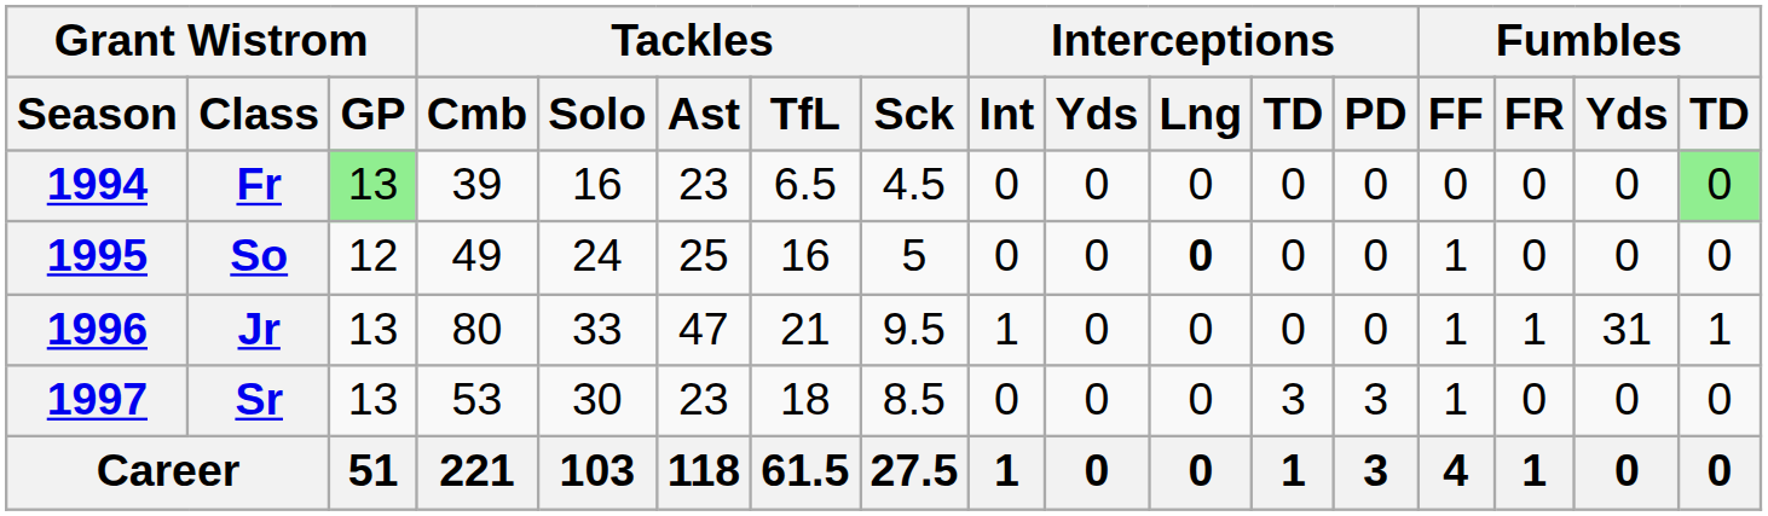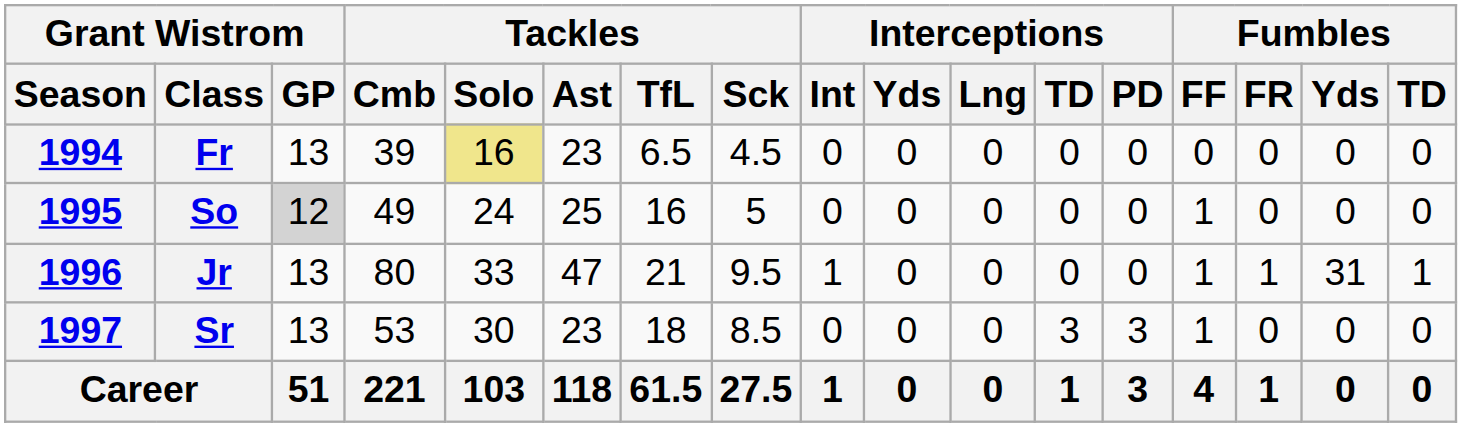 <table class=wikitable style="text-align:center;">
 <tr>
 <th colspan="3">Grant Wistrom</th>
 <th colspan="5">Tackles</th>
 <th colspan="5">Interceptions</th>
 <th colspan="4">Fumbles</th>
 </tr>
 <tr>
 <th>Season</th>
 <th>Class</th>
 <th>GP</th>
 <th>Cmb</th>
 <th>Solo</th>
 <th>Ast</th>
 <th>TfL</th>
 <th>Sck</th>
 <th>Int</th>
 <th>Yds</th>
 <th>Lng</th>
 <th>TD</th>
 <th>PD</th>
 <th>FF</th>
 <th>FR</th>
 <th>Yds</th>
 <th>TD</th>
 </tr>
 <tr>
 <th><a href='#'>1994</a></th>
 <th><a href='#'>Fr</a></th>
-<td style="background: lightgreen;">13</td>
+<td>13</td>
 <td>39</td>
-<td>16</td>
+<td style="background: khaki;">16</td>
 <td>23</td>
 <td>6.5</td>
 <td>4.5</td>
 <td>0</td>
 <td>0</td>
 <td>0</td>
 <td>0</td>
 <td>0</td>
 <td>0</td>
 <td>0</td>
 <td>0</td>
-<td style="background: lightgreen;">0</td>
+<td>0</td>
 </tr>
 <tr>
 <th><a href='#'>1995</a></th>
 <th><a href='#'>So</a></th>
-<td>12</td>
+<td style="background: lightgrey;">12</td>
 <td>49</td>
 <td>24</td>
 <td>25</td>
 <td>16</td>
 <td>5</td>
 <td>0</td>
 <td>0</td>
-<td><strong>0</strong></td>
+<td>0</td>
 <td>0</td>
 <td>0</td>
 <td>1</td>
 <td>0</td>
 <td>0</td>
 <td>0</td>
 </tr>
 <tr>
 <th><a href='#'>1996</a></th>
 <th><a href='#'>Jr</a></th>
 <td>13</td>
 <td>80</td>
 <td>33</td>
 <td>47</td>
 <td>21</td>
 <td>9.5</td>
 <td>1</td>
 <td>0</td>
 <td>0</td>
 <td>0</td>
 <td>0</td>
 <td>1</td>
 <td>1</td>
 <td>31</td>
 <td>1</td>
 </tr>
 <tr>
 <th><a href='#'>1997</a></th>
 <th><a href='#'>Sr</a></th>
 <td>13</td>
 <td>53</td>
 <td>30</td>
 <td>23</td>
 <td>18</td>
 <td>8.5</td>
 <td>0</td>
 <td>0</td>
 <td>0</td>
 <td>3</td>
 <td>3</td>
 <td>1</td>
 <td>0</td>
 <td>0</td>
 <td>0</td>
 </tr>
 <tr>
 <th colspan="2">Career</th>
 <th>51</th>
 <th>221</th>
 <th>103</th>
 <th>118</th>
 <th>61.5</th>
 <th>27.5</th>
 <th>1</th>
 <th>0</th>
 <th>0</th>
 <th>1</th>
 <th>3</th>
 <th>4</th>
 <th>1</th>
 <th>0</th>
 <th>0</th>
 </tr>
 </table>
